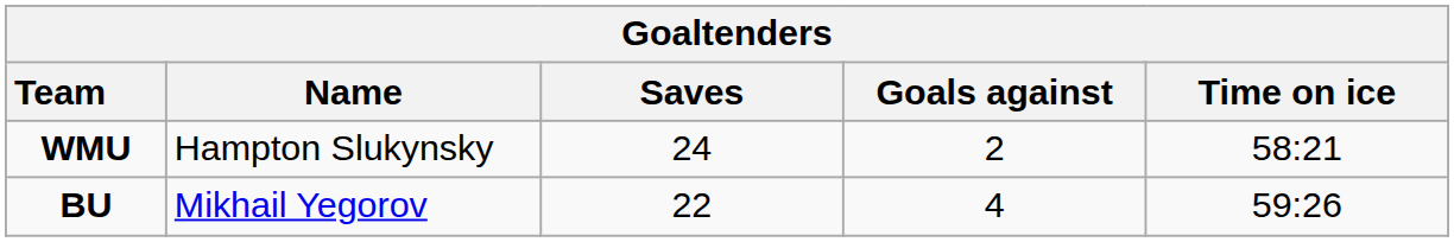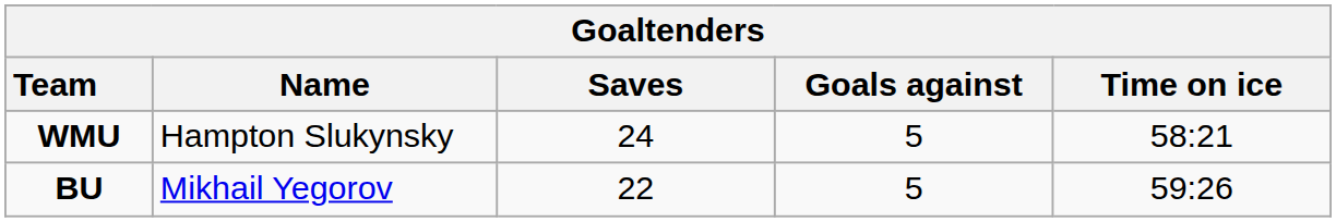 <table class="wikitable" style="width:40em; text-align:right;">
 <tr>
 <th colspan=5>Goaltenders</th>
 </tr>
 <tr>
 <th style="width:4em; text-align:left;">Team</th>
 <th style="width:10em;">Name</th>
 <th style="width:8em;">Saves</th>
 <th style="width:8em;">Goals against</th>
 <th style="width:8em;">Time on ice</th>
 </tr>
 <tr>
 <td align=center><strong>WMU</strong></td>
 <td style="text-align:left;">Hampton Slukynsky</td>
 <td align=center>24</td>
-<td align=center>2</td>
+<td align=center>5</td>
 <td align=center>58:21</td>
 </tr>
 <tr>
 <td align=center><strong>BU</strong></td>
 <td style="text-align:left;"><a href='#'>Mikhail Yegorov</a></td>
 <td align=center>22</td>
-<td align=center>4</td>
+<td align=center>5</td>
 <td align=center>59:26</td>
 </tr>
 </table>
